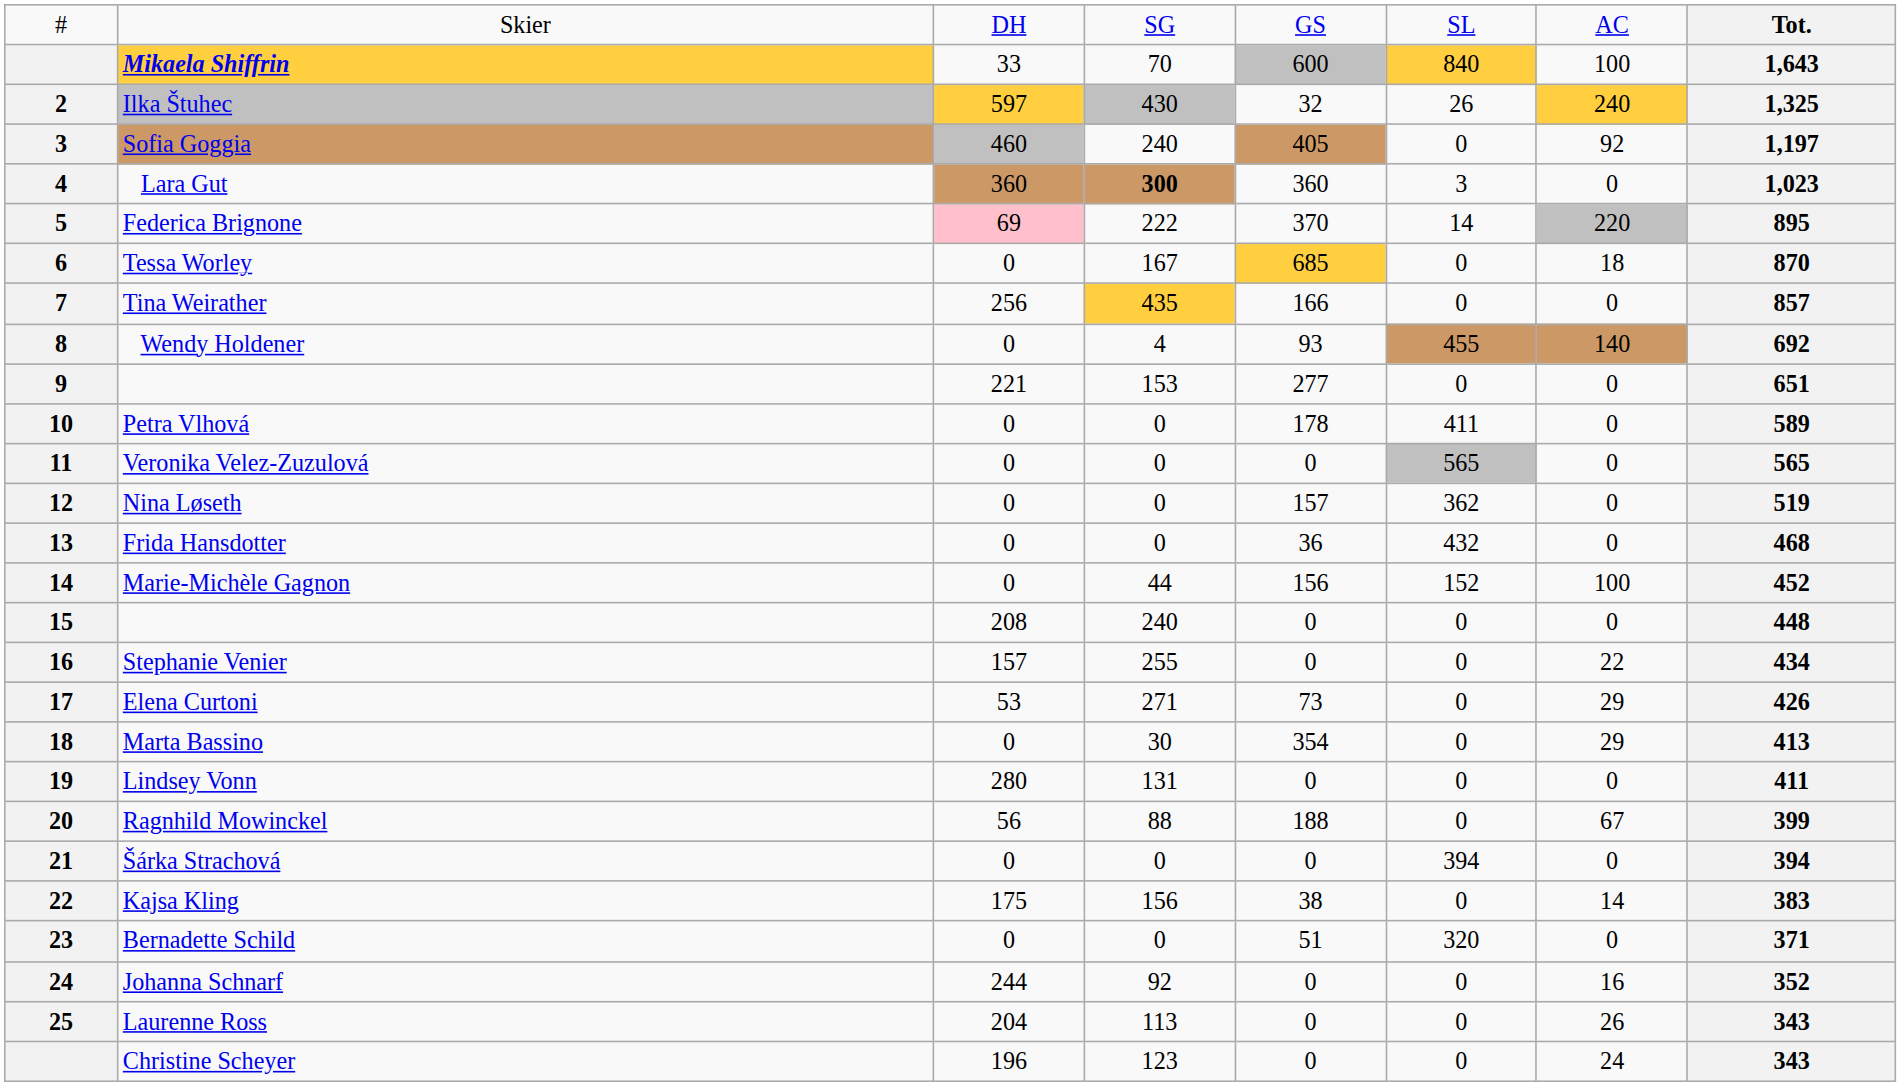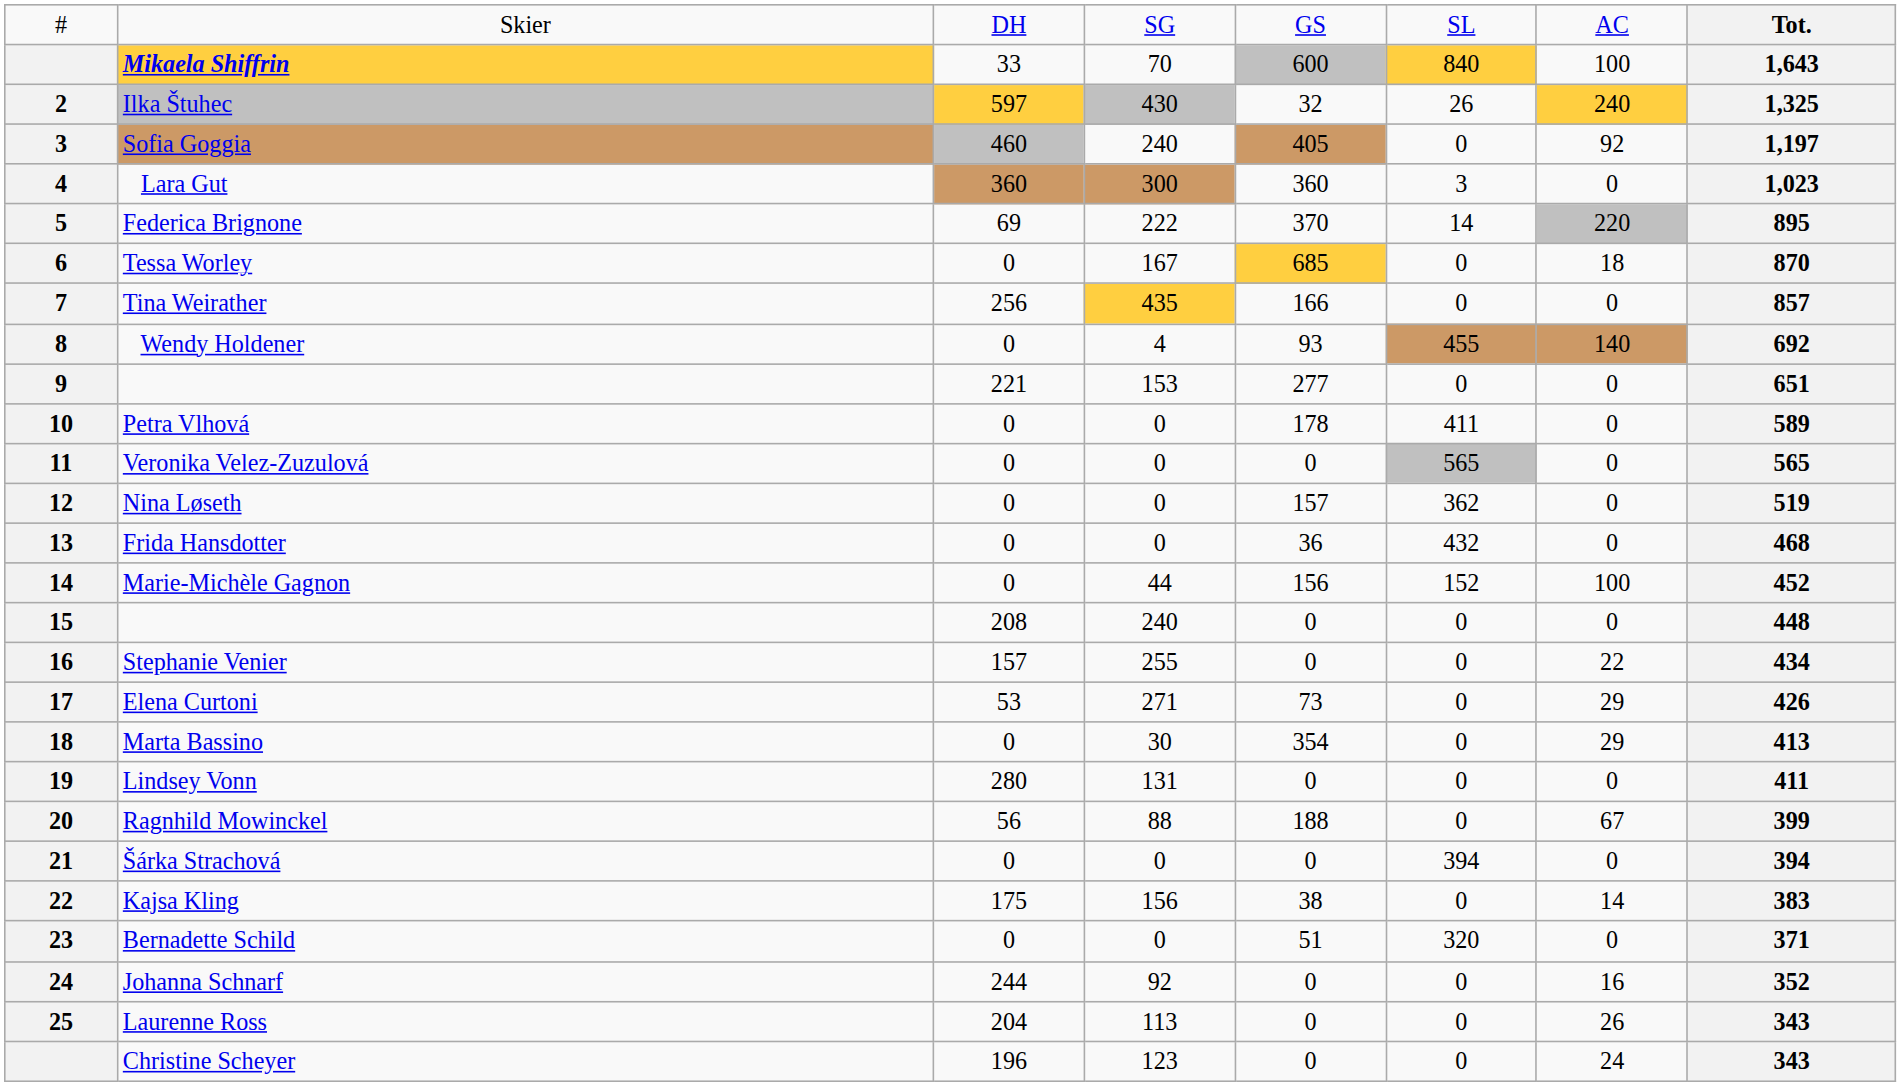 <table class="wikitable" width=60% style="font-size:95%; text-align:center;">
 <tr>
 <td>#</td>
 <td>Skier</td>
 <td><a href='#'>DH</a><br></td>
 <td><a href='#'>SG</a><br></td>
 <td><a href='#'>GS</a><br></td>
 <td><a href='#'>SL</a><br></td>
 <td><a href='#'>AC</a><br></td>
 <th>Tot.</th>
 </tr>
 <tr>
 <th></th>
 <td align=left bgcolor=ffcf40> <strong><em><a href='#'>Mikaela Shiffrin</a></em></strong></td>
 <td>33</td>
 <td>70</td>
 <td bgcolor=c0c0c0>600</td>
 <td bgcolor=ffcf40>840</td>
 <td>100</td>
 <th>1,643</th>
 </tr>
 <tr>
 <th>2</th>
 <td align=left bgcolor=c0c0c0> <a href='#'>Ilka Štuhec</a></td>
 <td bgcolor=ffcf40>597</td>
 <td bgcolor=c0c0c0>430</td>
 <td>32</td>
 <td>26</td>
 <td bgcolor=ffcf40>240</td>
 <th>1,325</th>
 </tr>
 <tr>
 <th>3</th>
 <td align=left bgcolor=cc9966> <a href='#'>Sofia Goggia</a></td>
 <td bgcolor=c0c0c0>460</td>
 <td>240</td>
 <td bgcolor=cc9966>405</td>
 <td>0</td>
 <td>92</td>
 <th>1,197</th>
 </tr>
 <tr>
 <th>4</th>
 <td align=left>   <a href='#'>Lara Gut</a></td>
 <td bgcolor=cc9966>360</td>
-<td bgcolor=cc9966><strong>300</strong></td>
+<td bgcolor=cc9966>300</td>
 <td>360</td>
 <td>3</td>
 <td>0</td>
 <th>1,023</th>
 </tr>
 <tr>
 <th>5</th>
 <td align=left> <a href='#'>Federica Brignone</a></td>
-<td style="background: pink;">69</td>
+<td>69</td>
 <td>222</td>
 <td>370</td>
 <td>14</td>
 <td bgcolor=c0c0c0>220</td>
 <th>895</th>
 </tr>
 <tr>
 <th>6</th>
 <td align=left> <a href='#'>Tessa Worley</a></td>
 <td>0</td>
 <td>167</td>
 <td bgcolor=ffcf40>685</td>
 <td>0</td>
 <td>18</td>
 <th>870</th>
 </tr>
 <tr>
 <th>7</th>
 <td align=left> <a href='#'>Tina Weirather</a></td>
 <td>256</td>
 <td bgcolor=ffcf40>435</td>
 <td>166</td>
 <td>0</td>
 <td>0</td>
 <th>857</th>
 </tr>
 <tr>
 <th>8</th>
 <td align=left>   <a href='#'>Wendy Holdener</a></td>
 <td>0</td>
 <td>4</td>
 <td>93</td>
 <td bgcolor=cc9966>455</td>
 <td bgcolor=cc9966>140</td>
 <th>692</th>
 </tr>
 <tr>
 <th>9</th>
 <td align=left></td>
 <td>221</td>
 <td>153</td>
 <td>277</td>
 <td>0</td>
 <td>0</td>
 <th>651</th>
 </tr>
 <tr>
 <th>10</th>
 <td align=left> <a href='#'>Petra Vlhová</a></td>
 <td>0</td>
 <td>0</td>
 <td>178</td>
 <td>411</td>
 <td>0</td>
 <th>589</th>
 </tr>
 <tr>
 <th>11</th>
 <td align=left> <a href='#'>Veronika Velez-Zuzulová</a></td>
 <td>0</td>
 <td>0</td>
 <td>0</td>
 <td bgcolor=c0c0c0>565</td>
 <td>0</td>
 <th>565</th>
 </tr>
 <tr>
 <th>12</th>
 <td align=left> <a href='#'>Nina Løseth</a></td>
 <td>0</td>
 <td>0</td>
 <td>157</td>
 <td>362</td>
 <td>0</td>
 <th>519</th>
 </tr>
 <tr>
 <th>13</th>
 <td align=left> <a href='#'>Frida Hansdotter</a></td>
 <td>0</td>
 <td>0</td>
 <td>36</td>
 <td>432</td>
 <td>0</td>
 <th>468</th>
 </tr>
 <tr>
 <th>14</th>
 <td align=left> <a href='#'>Marie-Michèle Gagnon</a></td>
 <td>0</td>
 <td>44</td>
 <td>156</td>
 <td>152</td>
 <td>100</td>
 <th>452</th>
 </tr>
 <tr>
 <th>15</th>
 <td align=left></td>
 <td>208</td>
 <td>240</td>
 <td>0</td>
 <td>0</td>
 <td>0</td>
 <th>448</th>
 </tr>
 <tr>
 <th>16</th>
 <td align=left> <a href='#'>Stephanie Venier</a></td>
 <td>157</td>
 <td>255</td>
 <td>0</td>
 <td>0</td>
 <td>22</td>
 <th>434</th>
 </tr>
 <tr>
 <th>17</th>
 <td align=left> <a href='#'>Elena Curtoni</a></td>
 <td>53</td>
 <td>271</td>
 <td>73</td>
 <td>0</td>
 <td>29</td>
 <th>426</th>
 </tr>
 <tr>
 <th>18</th>
 <td align=left> <a href='#'>Marta Bassino</a></td>
 <td>0</td>
 <td>30</td>
 <td>354</td>
 <td>0</td>
 <td>29</td>
 <th>413</th>
 </tr>
 <tr>
 <th>19</th>
 <td align=left> <a href='#'>Lindsey Vonn</a></td>
 <td>280</td>
 <td>131</td>
 <td>0</td>
 <td>0</td>
 <td>0</td>
 <th>411</th>
 </tr>
 <tr>
 <th>20</th>
 <td align=left> <a href='#'>Ragnhild Mowinckel</a></td>
 <td>56</td>
 <td>88</td>
 <td>188</td>
 <td>0</td>
 <td>67</td>
 <th>399</th>
 </tr>
 <tr>
 <th>21</th>
 <td align=left> <a href='#'>Šárka Strachová</a></td>
 <td>0</td>
 <td>0</td>
 <td>0</td>
 <td>394</td>
 <td>0</td>
 <th>394</th>
 </tr>
 <tr>
 <th>22</th>
 <td align=left> <a href='#'>Kajsa Kling</a></td>
 <td>175</td>
 <td>156</td>
 <td>38</td>
 <td>0</td>
 <td>14</td>
 <th>383</th>
 </tr>
 <tr>
 <th>23</th>
 <td align=left> <a href='#'>Bernadette Schild</a></td>
 <td>0</td>
 <td>0</td>
 <td>51</td>
 <td>320</td>
 <td>0</td>
 <th>371</th>
 </tr>
 <tr>
 <th>24</th>
 <td align=left> <a href='#'>Johanna Schnarf</a></td>
 <td>244</td>
 <td>92</td>
 <td>0</td>
 <td>0</td>
 <td>16</td>
 <th>352</th>
 </tr>
 <tr>
 <th>25</th>
 <td align=left> <a href='#'>Laurenne Ross</a></td>
 <td>204</td>
 <td>113</td>
 <td>0</td>
 <td>0</td>
 <td>26</td>
 <th>343</th>
 </tr>
 <tr>
 <th></th>
 <td align=left> <a href='#'>Christine Scheyer</a></td>
 <td>196</td>
 <td>123</td>
 <td>0</td>
 <td>0</td>
 <td>24</td>
 <th>343</th>
 </tr>
 </table>
